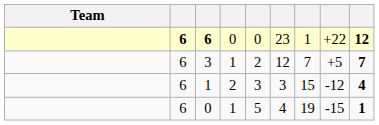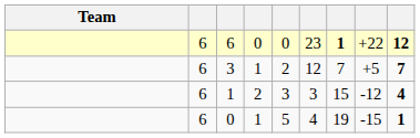 <table class="wikitable" style="text-align:center">
 <tr>
 <th width=175>Team</th>
 <th width=20></th>
 <th width=20></th>
 <th width=20></th>
 <th width=20></th>
 <th width=20></th>
 <th width=20></th>
 <th width=20></th>
 <th width=20></th>
 </tr>
 <tr style="background:#ffc;">
 <td align="left"></td>
-<td><strong>6</strong></td>
-<td><strong>6</strong></td>
+<td>6</td>
+<td>6</td>
 <td>0</td>
 <td>0</td>
 <td>23</td>
-<td>1</td>
+<td><strong>1</strong></td>
 <td>+22</td>
 <td><strong>12</strong></td>
 </tr>
 <tr>
 <td align="left"></td>
 <td>6</td>
 <td>3</td>
 <td>1</td>
 <td>2</td>
 <td>12</td>
 <td>7</td>
 <td>+5</td>
 <td><strong>7</strong></td>
 </tr>
 <tr>
 <td align="left"></td>
 <td>6</td>
 <td>1</td>
 <td>2</td>
 <td>3</td>
 <td>3</td>
 <td>15</td>
 <td>-12</td>
 <td><strong>4</strong></td>
 </tr>
 <tr>
 <td align="left"></td>
 <td>6</td>
 <td>0</td>
 <td>1</td>
 <td>5</td>
 <td>4</td>
 <td>19</td>
 <td>-15</td>
 <td><strong>1</strong></td>
 </tr>
 </table>
